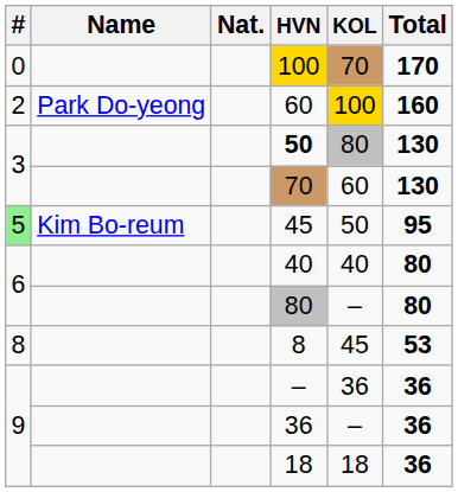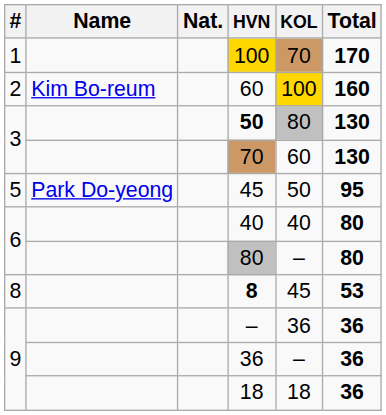 <table class="wikitable sortable" style="text-align:center;">
 <tr>
 <th>#</th>
 <th>Name</th>
 <th>Nat.</th>
 <th><small>HVN</small></th>
 <th><small>KOL</small></th>
 <th>Total</th>
 </tr>
 <tr>
-<td>0</td>
+<td>1</td>
 <td align=left></td>
 <td></td>
 <td bgcolor="gold">100</td>
 <td bgcolor=CC9966>70</td>
 <td><strong>170</strong></td>
 </tr>
 <tr>
 <td>2</td>
-<td align=left><a href='#'>Park Do-yeong</a></td>
+<td align=left><a href='#'>Kim Bo-reum</a></td>
 <td></td>
 <td>60</td>
 <td bgcolor="gold">100</td>
 <td><strong>160</strong></td>
 </tr>
 <tr>
 <td rowspan=2>3</td>
 <td align=left></td>
 <td></td>
 <td><strong>50</strong></td>
 <td bgcolor="silver">80</td>
 <td><strong>130</strong></td>
 </tr>
 <tr>
 <td align=left></td>
 <td></td>
 <td bgcolor=CC9966>70</td>
 <td>60</td>
 <td><strong>130</strong></td>
 </tr>
 <tr>
-<td style="background: lightgreen;">5</td>
-<td align=left><a href='#'>Kim Bo-reum</a></td>
+<td>5</td>
+<td align=left><a href='#'>Park Do-yeong</a></td>
 <td></td>
 <td>45</td>
 <td>50</td>
 <td><strong>95</strong></td>
 </tr>
 <tr>
 <td rowspan=2>6</td>
 <td align=left></td>
 <td></td>
 <td>40</td>
 <td>40</td>
 <td><strong>80</strong></td>
 </tr>
 <tr>
 <td align=left></td>
 <td></td>
 <td bgcolor="silver">80</td>
 <td>–</td>
 <td><strong>80</strong></td>
 </tr>
 <tr>
 <td>8</td>
 <td align=left></td>
 <td></td>
-<td>8</td>
+<td><strong>8</strong></td>
 <td>45</td>
 <td><strong>53</strong></td>
 </tr>
 <tr>
 <td rowspan=3>9</td>
 <td align=left></td>
 <td></td>
 <td>–</td>
 <td>36</td>
 <td><strong>36</strong></td>
 </tr>
 <tr>
 <td align=left></td>
 <td></td>
 <td>36</td>
 <td>–</td>
 <td><strong>36</strong></td>
 </tr>
 <tr>
 <td align=left></td>
 <td></td>
 <td>18</td>
 <td>18</td>
 <td><strong>36</strong></td>
 </tr>
 </table>
